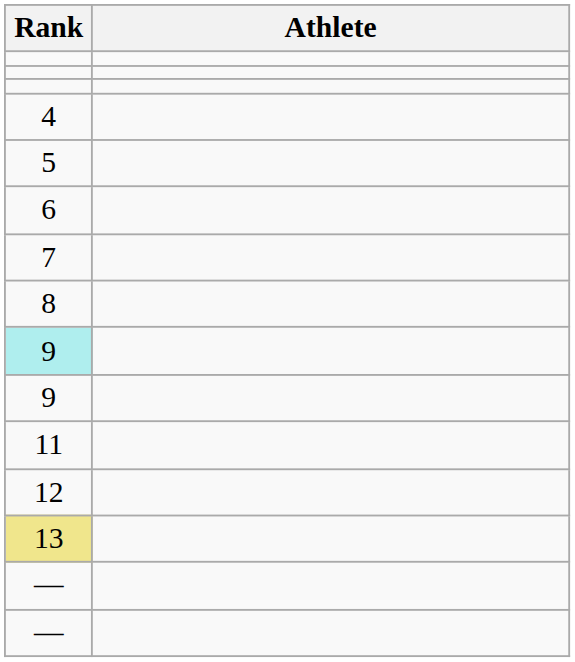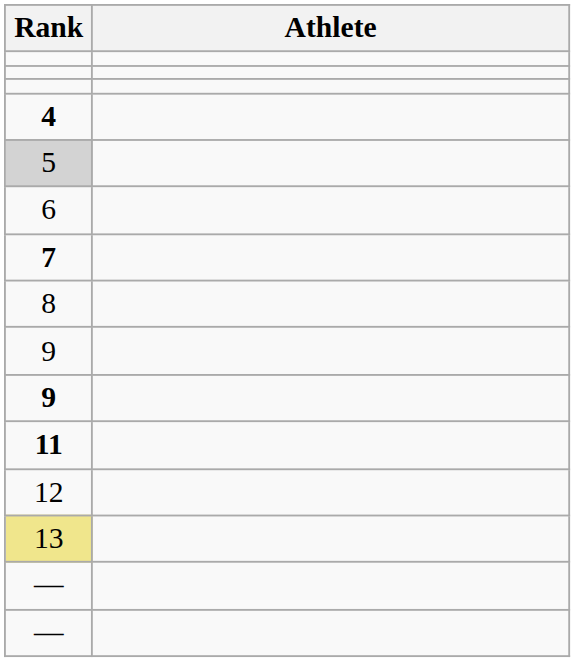 <table class="wikitable" style="text-align: center;">
 <tr>
 <th width=40>Rank</th>
 <th width=250>Athlete</th>
 </tr>
 <tr>
 <td></td>
 <td align=left></td>
 </tr>
 <tr>
 <td></td>
 <td align=left></td>
 </tr>
 <tr>
 <td></td>
 <td align=left></td>
 </tr>
 <tr>
-<td>4</td>
+<td><strong>4</strong></td>
 <td align=left></td>
 </tr>
 <tr>
-<td>5</td>
+<td style="background: lightgrey;">5</td>
 <td align=left></td>
 </tr>
 <tr>
 <td>6</td>
 <td align=left></td>
 </tr>
 <tr>
-<td>7</td>
+<td><strong>7</strong></td>
 <td align=left></td>
 </tr>
 <tr>
 <td>8</td>
 <td align=left></td>
 </tr>
 <tr>
-<td style="background: paleturquoise;">9</td>
-<td align=left></td>
-</tr>
-<tr>
 <td>9</td>
 <td align=left></td>
 </tr>
 <tr>
-<td>11</td>
+<td><strong>9</strong></td>
+<td align=left></td>
+</tr>
+<tr>
+<td><strong>11</strong></td>
 <td align=left></td>
 </tr>
 <tr>
 <td>12</td>
 <td align=left></td>
 </tr>
 <tr>
 <td style="background: khaki;">13</td>
 <td align=left></td>
 </tr>
 <tr>
 <td>—</td>
 <td align=left></td>
 </tr>
 <tr>
 <td>—</td>
 <td align=left></td>
 </tr>
 </table>
